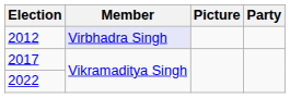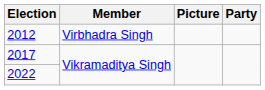 <table class="wikitable sortable">
 <tr>
 <th>Election</th>
 <th>Member</th>
 <th>Picture</th>
 <th colspan="2">Party</th>
 </tr>
 <tr>
 <td><a href='#'>2012</a></td>
-<td style="background: lavender;"><a href='#'>Virbhadra Singh</a></td>
+<td><a href='#'>Virbhadra Singh</a></td>
 <td></td>
 <td></td>
 </tr>
 <tr>
 <td><a href='#'>2017</a></td>
 <td rowspan="2"><a href='#'>Vikramaditya Singh</a></td>
 <td rowspan="2"></td>
 </tr>
 <tr>
 <td><a href='#'>2022</a></td>
 </tr>
 </table>
